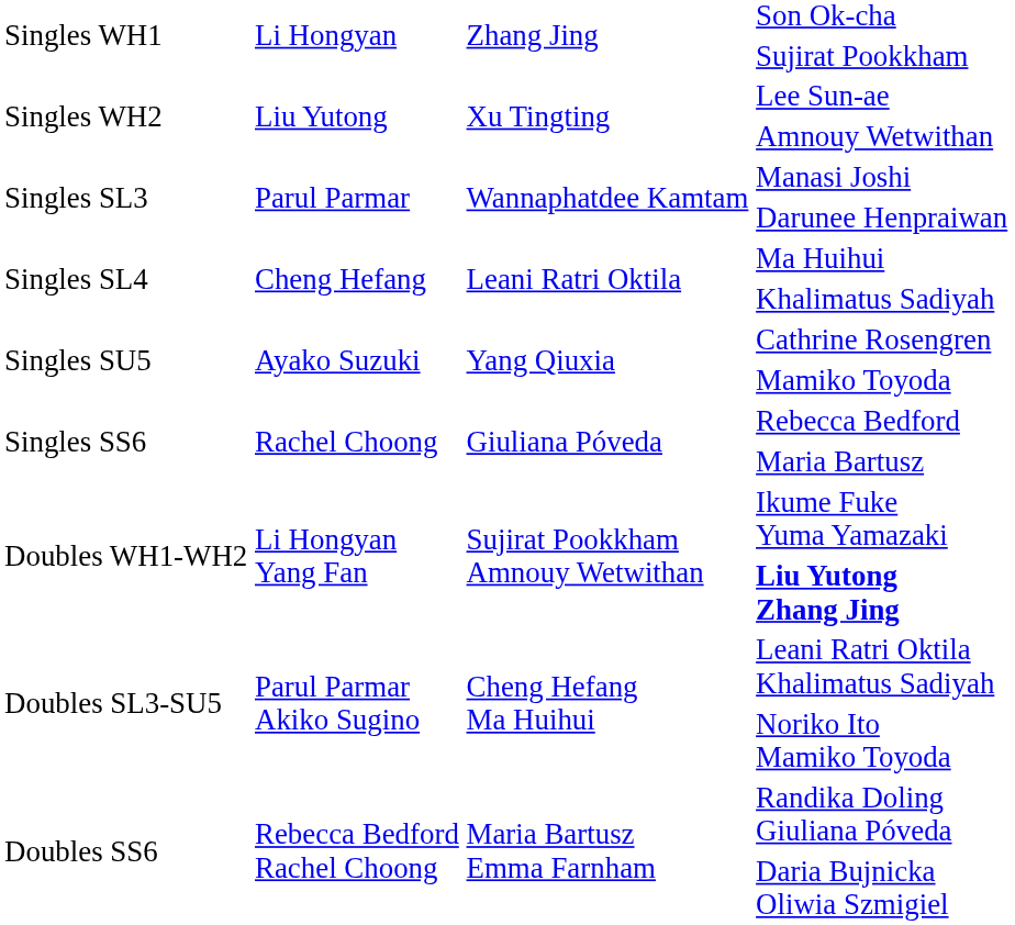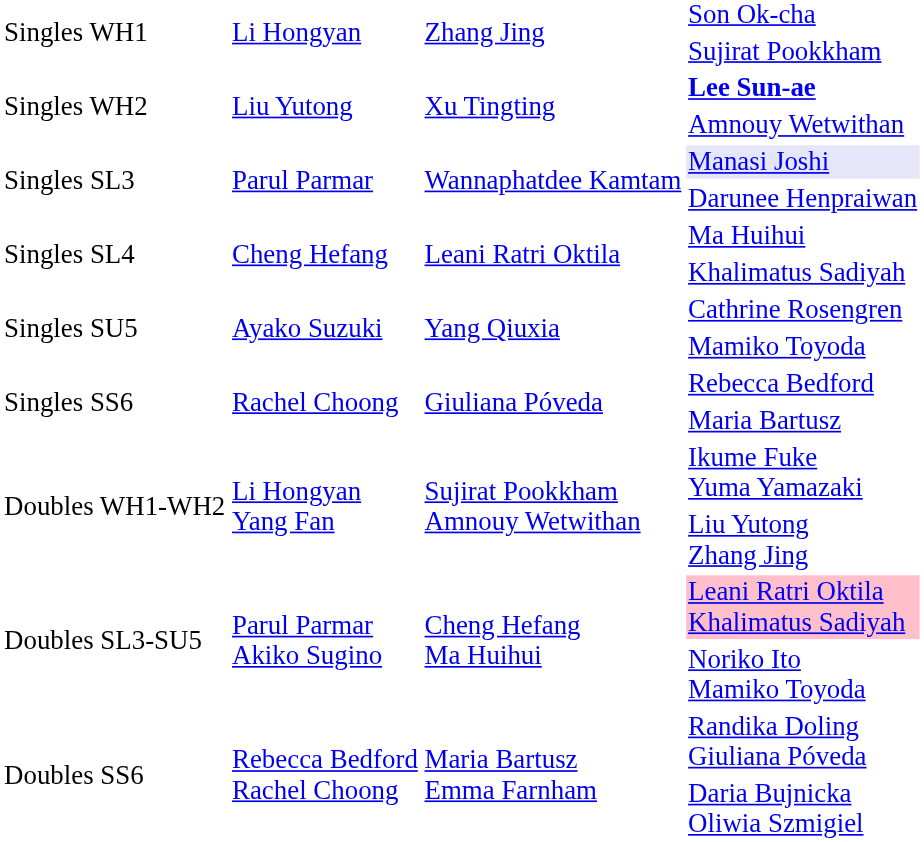 <table>
 <tr>
 <td rowspan=2>Singles WH1</td>
 <td rowspan=2> <a href='#'>Li Hongyan</a></td>
 <td rowspan=2> <a href='#'>Zhang Jing</a></td>
 <td> <a href='#'>Son Ok-cha</a></td>
 </tr>
 <tr>
 <td> <a href='#'>Sujirat Pookkham</a></td>
 </tr>
 <tr>
 <td rowspan=2>Singles WH2</td>
 <td rowspan=2> <a href='#'>Liu Yutong</a></td>
 <td rowspan=2> <a href='#'>Xu Tingting</a></td>
-<td> <a href='#'>Lee Sun-ae</a></td>
+<td><strong> <a href='#'>Lee Sun-ae</a></strong></td>
 </tr>
 <tr>
 <td> <a href='#'>Amnouy Wetwithan</a></td>
 </tr>
 <tr>
 <td rowspan=2>Singles SL3</td>
 <td rowspan=2> <a href='#'>Parul Parmar</a></td>
 <td rowspan=2> <a href='#'>Wannaphatdee Kamtam</a></td>
-<td> <a href='#'>Manasi Joshi</a></td>
+<td style="background: lavender;"> <a href='#'>Manasi Joshi</a></td>
 </tr>
 <tr>
 <td> <a href='#'>Darunee Henpraiwan</a></td>
 </tr>
 <tr>
 <td rowspan=2>Singles SL4</td>
 <td rowspan=2> <a href='#'>Cheng Hefang</a></td>
 <td rowspan=2> <a href='#'>Leani Ratri Oktila</a></td>
 <td> <a href='#'>Ma Huihui</a></td>
 </tr>
 <tr>
 <td> <a href='#'>Khalimatus Sadiyah</a></td>
 </tr>
 <tr>
 <td rowspan=2>Singles SU5</td>
 <td rowspan=2> <a href='#'>Ayako Suzuki</a></td>
 <td rowspan=2> <a href='#'>Yang Qiuxia</a></td>
 <td> <a href='#'>Cathrine Rosengren</a></td>
 </tr>
 <tr>
 <td> <a href='#'>Mamiko Toyoda</a></td>
 </tr>
 <tr>
 <td rowspan=2>Singles SS6</td>
 <td rowspan=2> <a href='#'>Rachel Choong</a></td>
 <td rowspan=2> <a href='#'>Giuliana Póveda</a></td>
 <td> <a href='#'>Rebecca Bedford</a></td>
 </tr>
 <tr>
 <td> <a href='#'>Maria Bartusz</a></td>
 </tr>
 <tr>
 <td rowspan=2>Doubles WH1-WH2</td>
 <td rowspan=2> <a href='#'>Li Hongyan</a><br> <a href='#'>Yang Fan</a></td>
 <td rowspan=2> <a href='#'>Sujirat Pookkham</a><br> <a href='#'>Amnouy Wetwithan</a></td>
 <td> <a href='#'>Ikume Fuke</a><br> <a href='#'>Yuma Yamazaki</a></td>
 </tr>
 <tr>
-<td><strong> <a href='#'>Liu Yutong</a><br> <a href='#'>Zhang Jing</a></strong></td>
+<td> <a href='#'>Liu Yutong</a><br> <a href='#'>Zhang Jing</a></td>
 </tr>
 <tr>
 <td rowspan=2>Doubles SL3-SU5</td>
 <td rowspan=2> <a href='#'>Parul Parmar</a><br> <a href='#'>Akiko Sugino</a></td>
 <td rowspan=2> <a href='#'>Cheng Hefang</a><br> <a href='#'>Ma Huihui</a></td>
-<td> <a href='#'>Leani Ratri Oktila</a><br> <a href='#'>Khalimatus Sadiyah</a></td>
+<td style="background: pink;"> <a href='#'>Leani Ratri Oktila</a><br> <a href='#'>Khalimatus Sadiyah</a></td>
 </tr>
 <tr>
 <td> <a href='#'>Noriko Ito</a><br> <a href='#'>Mamiko Toyoda</a></td>
 </tr>
 <tr>
 <td rowspan=2>Doubles SS6</td>
 <td rowspan=2> <a href='#'>Rebecca Bedford</a><br> <a href='#'>Rachel Choong</a></td>
 <td rowspan=2> <a href='#'>Maria Bartusz</a><br> <a href='#'>Emma Farnham</a></td>
 <td> <a href='#'>Randika Doling</a><br> <a href='#'>Giuliana Póveda</a></td>
 </tr>
 <tr>
 <td> <a href='#'>Daria Bujnicka</a><br> <a href='#'>Oliwia Szmigiel</a></td>
 </tr>
 </table>
